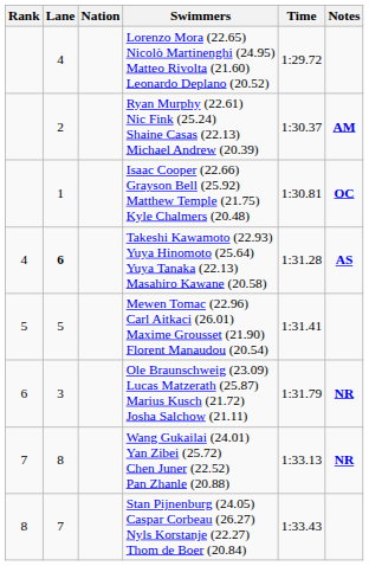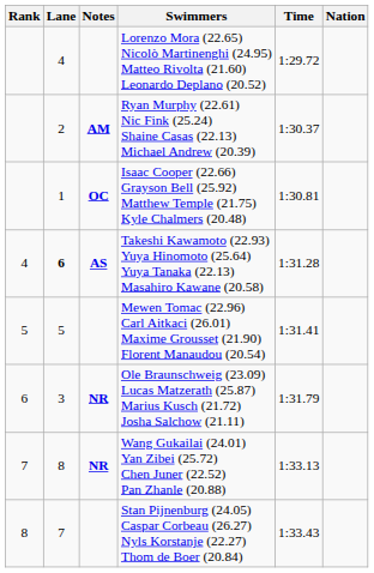 <table class="wikitable sortable" style="text-align:center">
 <tr>
 <th>Rank</th>
 <th>Lane</th>
-<th>Nation</th>
+<th>Notes</th>
 <th>Swimmers</th>
 <th>Time</th>
-<th>Notes</th>
+<th>Nation</th>
 </tr>
 <tr>
 <td></td>
 <td>4</td>
-<td align=left></td>
+<td></td>
 <td align=left><a href='#'>Lorenzo Mora</a> (22.65)<br><a href='#'>Nicolò Martinenghi</a> (24.95)<br><a href='#'>Matteo Rivolta</a> (21.60)<br><a href='#'>Leonardo Deplano</a> (20.52)</td>
 <td>1:29.72</td>
-<td></td>
+<td align=left></td>
 </tr>
 <tr>
 <td></td>
 <td>2</td>
-<td align=left></td>
+<td><strong><a href='#'>AM</a></strong></td>
 <td align=left><a href='#'>Ryan Murphy</a> (22.61)<br><a href='#'>Nic Fink</a> (25.24)<br><a href='#'>Shaine Casas</a> (22.13)<br><a href='#'>Michael Andrew</a> (20.39)</td>
 <td>1:30.37</td>
-<td><strong><a href='#'>AM</a></strong></td>
+<td align=left></td>
 </tr>
 <tr>
 <td></td>
 <td>1</td>
-<td align=left></td>
+<td><strong><a href='#'>OC</a></strong></td>
 <td align=left><a href='#'>Isaac Cooper</a> (22.66)<br><a href='#'>Grayson Bell</a> (25.92)<br><a href='#'>Matthew Temple</a> (21.75)<br><a href='#'>Kyle Chalmers</a> (20.48)</td>
 <td>1:30.81</td>
-<td><strong><a href='#'>OC</a></strong></td>
+<td align=left></td>
 </tr>
 <tr>
 <td>4</td>
 <td><strong>6</strong></td>
-<td align=left></td>
+<td><strong><a href='#'>AS</a></strong></td>
 <td align=left><a href='#'>Takeshi Kawamoto</a> (22.93)<br><a href='#'>Yuya Hinomoto</a> (25.64)<br><a href='#'>Yuya Tanaka</a> (22.13)<br><a href='#'>Masahiro Kawane</a> (20.58)</td>
 <td>1:31.28</td>
-<td><strong><a href='#'>AS</a></strong></td>
+<td align=left></td>
 </tr>
 <tr>
 <td>5</td>
 <td>5</td>
-<td align=left></td>
+<td></td>
 <td align=left><a href='#'>Mewen Tomac</a> (22.96)<br><a href='#'>Carl Aitkaci</a> (26.01)<br><a href='#'>Maxime Grousset</a> (21.90)<br><a href='#'>Florent Manaudou</a> (20.54)</td>
 <td>1:31.41</td>
-<td></td>
+<td align=left></td>
 </tr>
 <tr>
 <td>6</td>
 <td>3</td>
-<td align=left></td>
+<td><strong><a href='#'>NR</a></strong></td>
 <td align=left><a href='#'>Ole Braunschweig</a> (23.09)<br><a href='#'>Lucas Matzerath</a> (25.87)<br><a href='#'>Marius Kusch</a> (21.72)<br><a href='#'>Josha Salchow</a> (21.11)</td>
 <td>1:31.79</td>
-<td><strong><a href='#'>NR</a></strong></td>
+<td align=left></td>
 </tr>
 <tr>
 <td>7</td>
 <td>8</td>
-<td align=left></td>
+<td><strong><a href='#'>NR</a></strong></td>
 <td align=left><a href='#'>Wang Gukailai</a> (24.01)<br><a href='#'>Yan Zibei</a> (25.72)<br><a href='#'>Chen Juner</a> (22.52)<br><a href='#'>Pan Zhanle</a> (20.88)</td>
 <td>1:33.13</td>
-<td><strong><a href='#'>NR</a></strong></td>
+<td align=left></td>
 </tr>
 <tr>
 <td>8</td>
 <td>7</td>
-<td align=left></td>
+<td></td>
 <td align=left><a href='#'>Stan Pijnenburg</a> (24.05)<br><a href='#'>Caspar Corbeau</a> (26.27)<br><a href='#'>Nyls Korstanje</a> (22.27)<br><a href='#'>Thom de Boer</a> (20.84)</td>
 <td>1:33.43</td>
-<td></td>
+<td align=left></td>
 </tr>
 </table>
